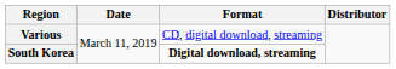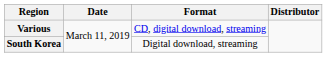 <table class="wikitable plainrowheaders">
 <tr>
 <th>Region</th>
 <th>Date</th>
 <th>Format</th>
 <th>Distributor</th>
 </tr>
 <tr>
 <th scope="row">Various</th>
 <td align="center" rowspan="3">March 11, 2019</td>
 <td align="center" rowspan="2"><a href='#'>CD</a>, <a href='#'>digital download</a>, <a href='#'>streaming</a></td>
 <td align="center" rowspan="3"></td>
 </tr>
 <tr>
 <th scope="row" rowspan="2">South Korea</th>
 </tr>
 <tr>
-<td align="center"><strong>Digital download, streaming</strong></td>
+<td align="center">Digital download, streaming</td>
 </tr>
 </table>
